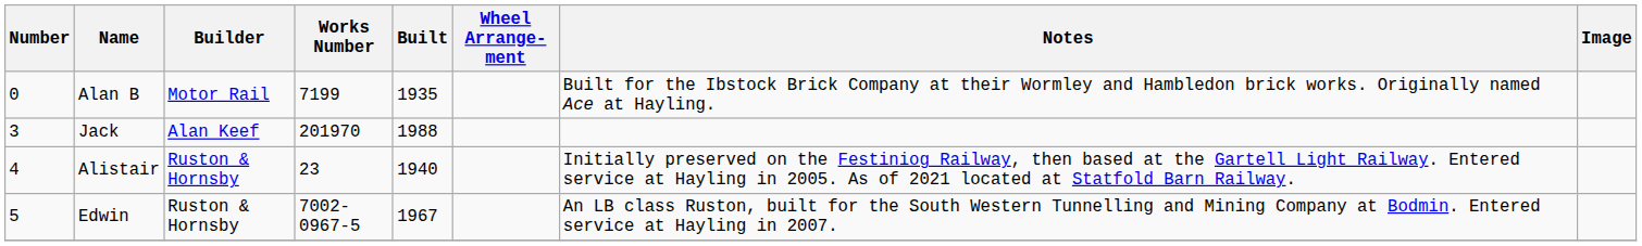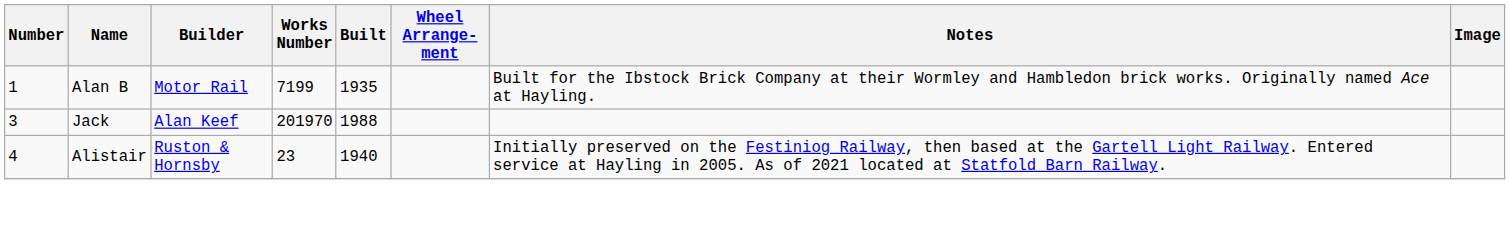 <table class="wikitable sortable">
 <tr>
 <th>Number</th>
 <th>Name</th>
 <th>Builder</th>
 <th>Works<br>Number</th>
 <th>Built</th>
 <th><a href='#'>Wheel<br>Arrange­ment</a></th>
 <th>Notes</th>
 <th>Image</th>
 </tr>
 <tr>
-<td>0</td>
+<td>1</td>
 <td>Alan B </td>
 <td><a href='#'>Motor Rail</a></td>
 <td>7199</td>
 <td>1935</td>
 <td></td>
 <td>Built for the Ibstock Brick Company at their Wormley and Hambledon brick works. Originally named <em>Ace</em> at Hayling.</td>
 <td></td>
 </tr>
 <tr>
 <td>3</td>
 <td>Jack </td>
 <td><a href='#'>Alan Keef</a></td>
 <td>201970</td>
 <td>1988</td>
 <td></td>
 <td></td>
 <td></td>
 </tr>
 <tr>
 <td>4</td>
 <td>Alistair <br></td>
 <td><a href='#'>Ruston & Hornsby</a></td>
 <td>23</td>
 <td>1940</td>
 <td></td>
 <td>Initially preserved on the <a href='#'>Festiniog Railway</a>, then based at the <a href='#'>Gartell Light Railway</a>. Entered service at Hayling in 2005. As of 2021 located at <a href='#'>Statfold Barn Railway</a>.</td>
 <td></td>
 </tr>
 <tr>
-<td>5</td>
-<td>Edwin </td>
-<td>Ruston & Hornsby</td>
-<td>7002-0967-5</td>
-<td>1967</td>
-<td></td>
-<td>An LB class Ruston, built for the South Western Tunnelling and Mining Company at <a href='#'>Bodmin</a>. Entered service at Hayling in 2007.</td>
-<td></td>
-</tr>
-<tr>
 </tr>
 </table>
